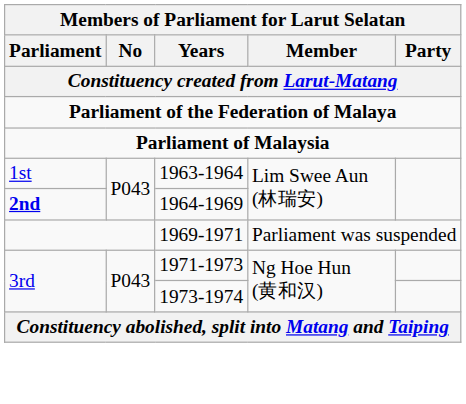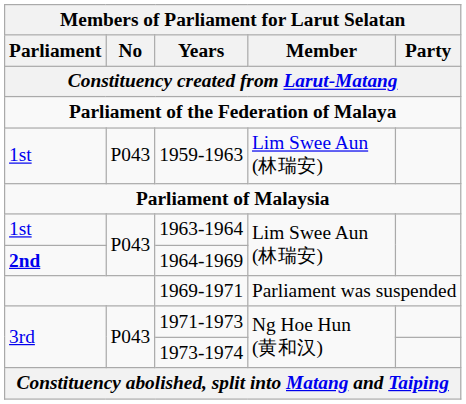 <table class=wikitable>
 <tr>
 <th colspan="5">Members of Parliament for Larut Selatan</th>
 </tr>
 <tr>
 <th>Parliament</th>
 <th>No</th>
 <th>Years</th>
 <th>Member</th>
 <th>Party</th>
 </tr>
 <tr>
 <th colspan="5" align="center"><em>Constituency created from <a href='#'>Larut-Matang</a></em></th>
 </tr>
 <tr>
 <td colspan="5" align="center"><strong>Parliament of the Federation of Malaya</strong></td>
+</tr>
+<tr>
+<td><a href='#'>1st</a></td>
+<td>P043</td>
+<td>1959-1963</td>
+<td><a href='#'>Lim Swee Aun</a>  <br>(林瑞安)</td>
+<td></td>
 </tr>
 <tr>
 <td colspan="5" align="center"><strong>Parliament of Malaysia</strong></td>
 </tr>
 <tr>
 <td><a href='#'>1st</a></td>
 <td rowspan="2">P043</td>
 <td>1963-1964</td>
 <td rowspan=2>Lim Swee Aun <br> (林瑞安)</td>
 <td rowspan="2"></td>
 </tr>
 <tr>
 <td><strong><a href='#'>2nd</a></strong></td>
 <td>1964-1969</td>
 </tr>
 <tr>
 <td colspan="2"></td>
 <td>1969-1971</td>
 <td colspan=2 align=center>Parliament was suspended</td>
 </tr>
 <tr>
 <td rowspan=2><a href='#'>3rd</a></td>
 <td rowspan="2">P043</td>
 <td>1971-1973</td>
 <td rowspan=2>Ng Hoe Hun <br> (黄和汉)</td>
 <td></td>
 </tr>
 <tr>
 <td>1973-1974</td>
 <td></td>
 </tr>
 <tr>
 <th colspan="5" align="center"><em>Constituency abolished, split into <a href='#'>Matang</a> and <a href='#'>Taiping</a></em></th>
 </tr>
 </table>
